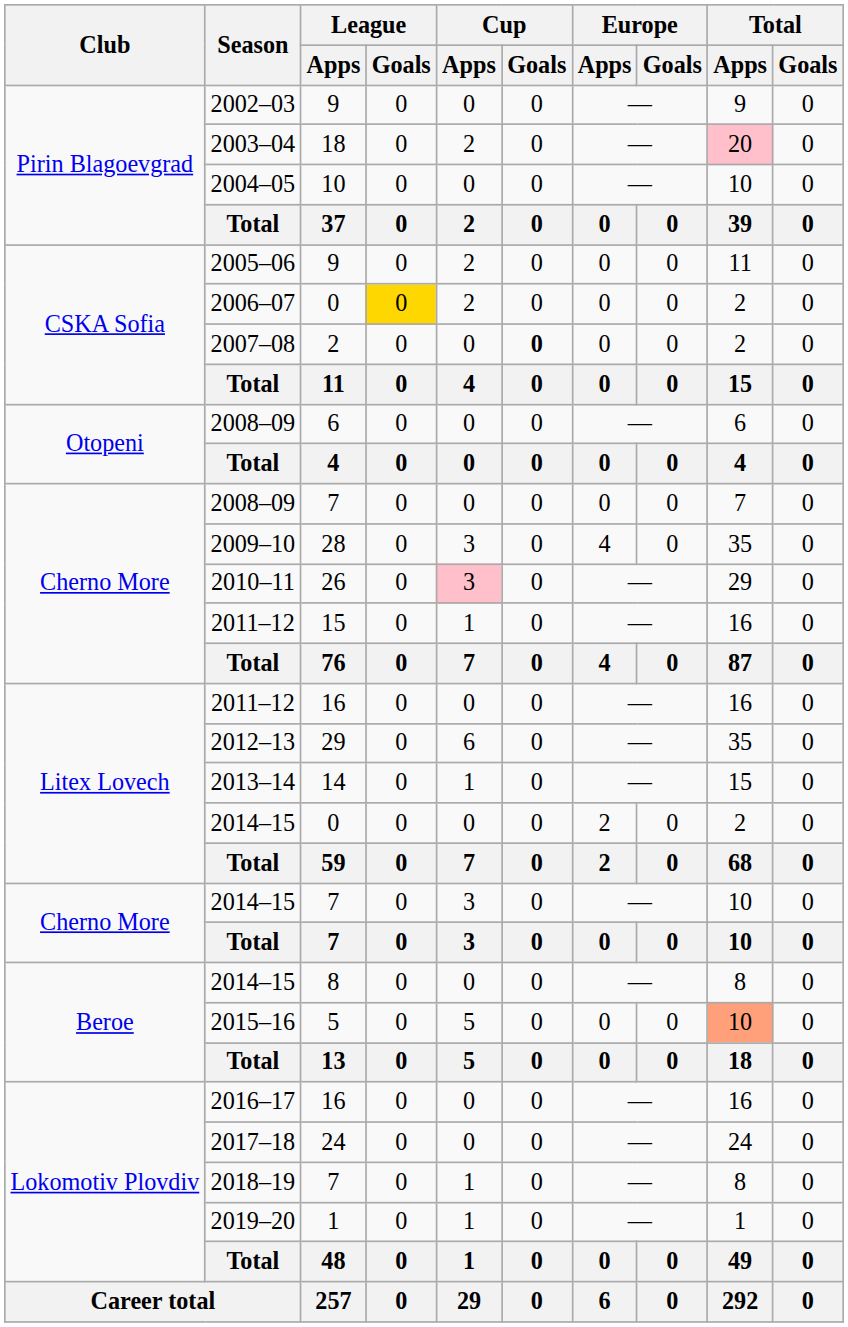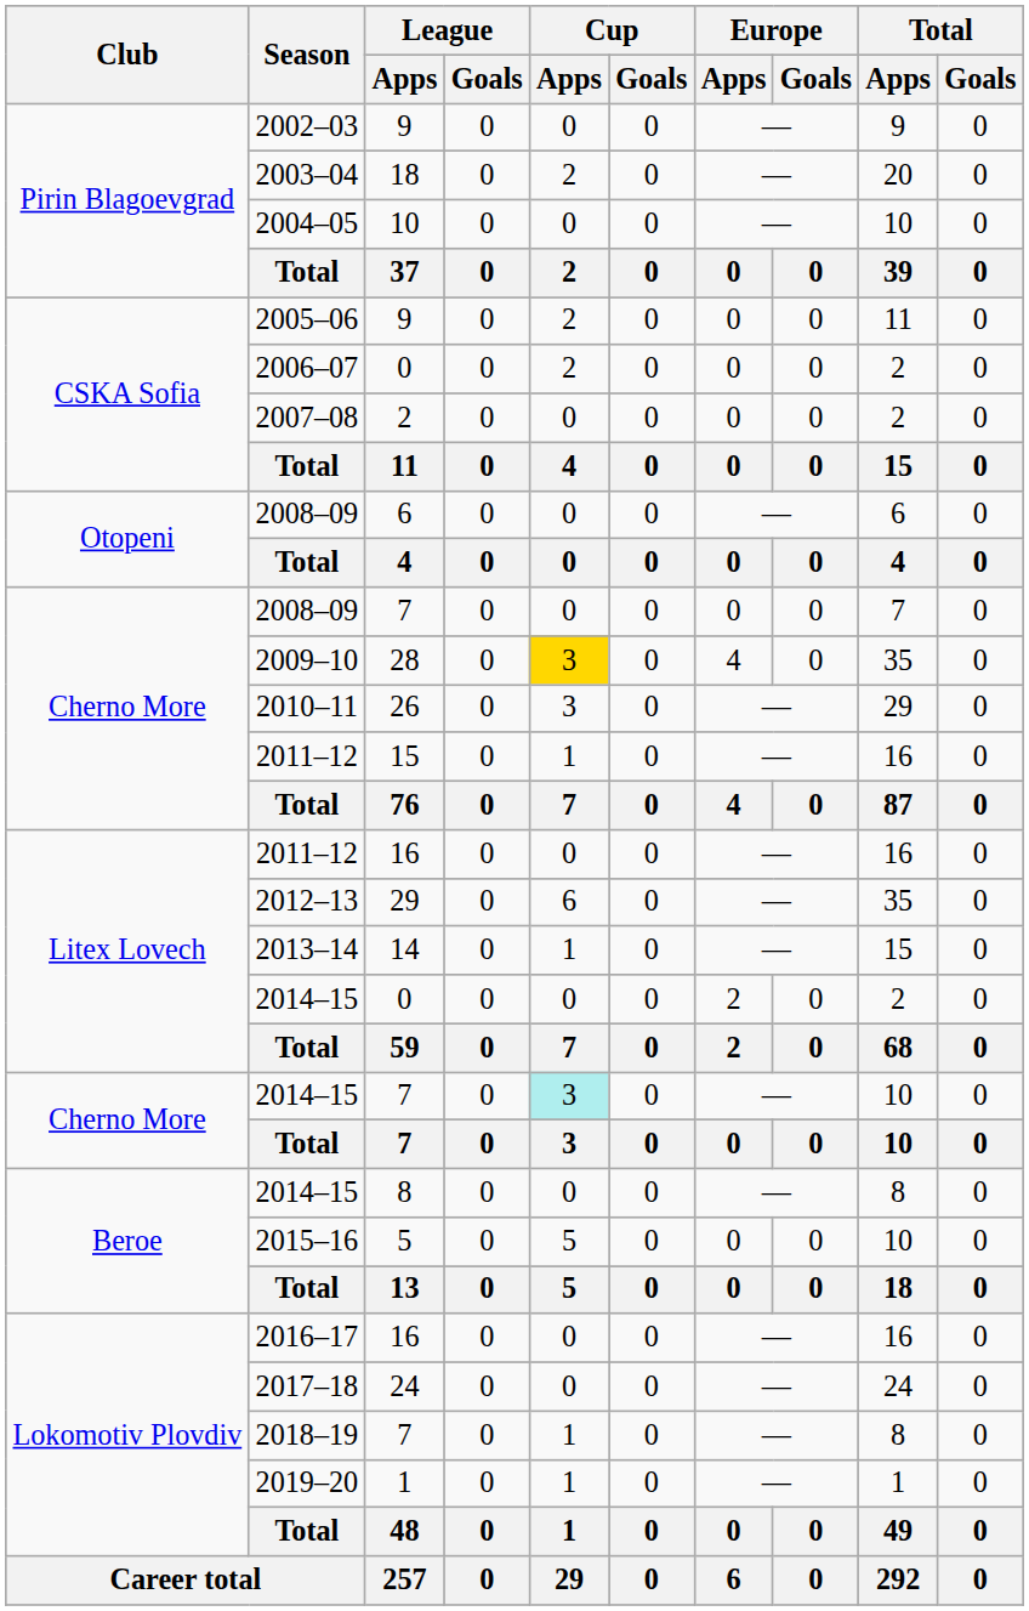 <table class="wikitable" style="font-size:90%; text-align: center">
 <tr>
 <th rowspan=2>Club</th>
 <th rowspan=2>Season</th>
 <th colspan=2>League</th>
 <th colspan=2>Cup</th>
 <th colspan=2>Europe</th>
 <th colspan=2>Total</th>
 </tr>
 <tr>
 <th>Apps</th>
 <th>Goals</th>
 <th>Apps</th>
 <th>Goals</th>
 <th>Apps</th>
 <th>Goals</th>
 <th>Apps</th>
 <th>Goals</th>
 </tr>
 <tr>
 <td rowspan=4><a href='#'>Pirin Blagoevgrad</a></td>
 <td>2002–03</td>
 <td>9</td>
 <td>0</td>
 <td>0</td>
 <td>0</td>
 <td colspan="2">—</td>
 <td>9</td>
 <td>0</td>
 </tr>
 <tr>
 <td>2003–04</td>
 <td>18</td>
 <td>0</td>
 <td>2</td>
 <td>0</td>
 <td colspan="2">—</td>
-<td style="background: pink;">20</td>
+<td>20</td>
 <td>0</td>
 </tr>
 <tr>
 <td>2004–05</td>
 <td>10</td>
 <td>0</td>
 <td>0</td>
 <td>0</td>
 <td colspan="2">—</td>
 <td>10</td>
 <td>0</td>
 </tr>
 <tr>
 <th colspan=1>Total</th>
 <th>37</th>
 <th>0</th>
 <th>2</th>
 <th>0</th>
 <th>0</th>
 <th>0</th>
 <th>39</th>
 <th>0</th>
 </tr>
 <tr>
 <td rowspan=4><a href='#'>CSKA Sofia</a></td>
 <td>2005–06</td>
 <td>9</td>
 <td>0</td>
 <td>2</td>
 <td>0</td>
 <td>0</td>
 <td>0</td>
 <td>11</td>
 <td>0</td>
 </tr>
 <tr>
 <td>2006–07</td>
 <td>0</td>
-<td style="background: gold;">0</td>
+<td>0</td>
 <td>2</td>
 <td>0</td>
 <td>0</td>
 <td>0</td>
 <td>2</td>
 <td>0</td>
 </tr>
 <tr>
 <td>2007–08</td>
 <td>2</td>
 <td>0</td>
 <td>0</td>
-<td><strong>0</strong></td>
+<td>0</td>
 <td>0</td>
 <td>0</td>
 <td>2</td>
 <td>0</td>
 </tr>
 <tr>
 <th colspan=1>Total</th>
 <th>11</th>
 <th>0</th>
 <th>4</th>
 <th>0</th>
 <th>0</th>
 <th>0</th>
 <th>15</th>
 <th>0</th>
 </tr>
 <tr>
 <td rowspan=2><a href='#'>Otopeni</a></td>
 <td>2008–09</td>
 <td>6</td>
 <td>0</td>
 <td>0</td>
 <td>0</td>
 <td colspan="2">—</td>
 <td>6</td>
 <td>0</td>
 </tr>
 <tr>
 <th colspan=1>Total</th>
 <th>4</th>
 <th>0</th>
 <th>0</th>
 <th>0</th>
 <th>0</th>
 <th>0</th>
 <th>4</th>
 <th>0</th>
 </tr>
 <tr>
 <td rowspan=5><a href='#'>Cherno More</a></td>
 <td>2008–09</td>
 <td>7</td>
 <td>0</td>
 <td>0</td>
 <td>0</td>
 <td>0</td>
 <td>0</td>
 <td>7</td>
 <td>0</td>
 </tr>
 <tr>
 <td>2009–10</td>
 <td>28</td>
 <td>0</td>
-<td>3</td>
+<td style="background: gold;">3</td>
 <td>0</td>
 <td>4</td>
 <td>0</td>
 <td>35</td>
 <td>0</td>
 </tr>
 <tr>
 <td>2010–11</td>
 <td>26</td>
 <td>0</td>
-<td style="background: pink;">3</td>
+<td>3</td>
 <td>0</td>
 <td colspan="2">—</td>
 <td>29</td>
 <td>0</td>
 </tr>
 <tr>
 <td>2011–12</td>
 <td>15</td>
 <td>0</td>
 <td>1</td>
 <td>0</td>
 <td colspan="2">—</td>
 <td>16</td>
 <td>0</td>
 </tr>
 <tr>
 <th colspan=1>Total</th>
 <th>76</th>
 <th>0</th>
 <th>7</th>
 <th>0</th>
 <th>4</th>
 <th>0</th>
 <th>87</th>
 <th>0</th>
 </tr>
 <tr>
 <td rowspan=5><a href='#'>Litex Lovech</a></td>
 <td>2011–12</td>
 <td>16</td>
 <td>0</td>
 <td>0</td>
 <td>0</td>
 <td colspan="2">—</td>
 <td>16</td>
 <td>0</td>
 </tr>
 <tr>
 <td>2012–13</td>
 <td>29</td>
 <td>0</td>
 <td>6</td>
 <td>0</td>
 <td colspan="2">—</td>
 <td>35</td>
 <td>0</td>
 </tr>
 <tr>
 <td>2013–14</td>
 <td>14</td>
 <td>0</td>
 <td>1</td>
 <td>0</td>
 <td colspan="2">—</td>
 <td>15</td>
 <td>0</td>
 </tr>
 <tr>
 <td>2014–15</td>
 <td>0</td>
 <td>0</td>
 <td>0</td>
 <td>0</td>
 <td>2</td>
 <td>0</td>
 <td>2</td>
 <td>0</td>
 </tr>
 <tr>
 <th colspan=1>Total</th>
 <th>59</th>
 <th>0</th>
 <th>7</th>
 <th>0</th>
 <th>2</th>
 <th>0</th>
 <th>68</th>
 <th>0</th>
 </tr>
 <tr>
 <td rowspan=2><a href='#'>Cherno More</a></td>
 <td>2014–15</td>
 <td>7</td>
 <td>0</td>
-<td>3</td>
+<td style="background: paleturquoise;">3</td>
 <td>0</td>
 <td colspan="2">—</td>
 <td>10</td>
 <td>0</td>
 </tr>
 <tr>
 <th colspan=1>Total</th>
 <th>7</th>
 <th>0</th>
 <th>3</th>
 <th>0</th>
 <th>0</th>
 <th>0</th>
 <th>10</th>
 <th>0</th>
 </tr>
 <tr>
 <td rowspan=3><a href='#'>Beroe</a></td>
 <td>2014–15</td>
 <td>8</td>
 <td>0</td>
 <td>0</td>
 <td>0</td>
 <td colspan="2">—</td>
 <td>8</td>
 <td>0</td>
 </tr>
 <tr>
 <td>2015–16</td>
 <td>5</td>
 <td>0</td>
 <td>5</td>
 <td>0</td>
 <td>0</td>
 <td>0</td>
-<td style="background: lightsalmon;">10</td>
+<td>10</td>
 <td>0</td>
 </tr>
 <tr>
 <th colspan=1>Total</th>
 <th>13</th>
 <th>0</th>
 <th>5</th>
 <th>0</th>
 <th>0</th>
 <th>0</th>
 <th>18</th>
 <th>0</th>
 </tr>
 <tr>
 <td rowspan=5><a href='#'>Lokomotiv Plovdiv</a></td>
 <td>2016–17</td>
 <td>16</td>
 <td>0</td>
 <td>0</td>
 <td>0</td>
 <td colspan="2">—</td>
 <td>16</td>
 <td>0</td>
 </tr>
 <tr>
 <td>2017–18</td>
 <td>24</td>
 <td>0</td>
 <td>0</td>
 <td>0</td>
 <td colspan="2">—</td>
 <td>24</td>
 <td>0</td>
 </tr>
 <tr>
 <td>2018–19</td>
 <td>7</td>
 <td>0</td>
 <td>1</td>
 <td>0</td>
 <td colspan="2">—</td>
 <td>8</td>
 <td>0</td>
 </tr>
 <tr>
 <td>2019–20</td>
 <td>1</td>
 <td>0</td>
 <td>1</td>
 <td>0</td>
 <td colspan="2">—</td>
 <td>1</td>
 <td>0</td>
 </tr>
 <tr>
 <th colspan=1>Total</th>
 <th>48</th>
 <th>0</th>
 <th>1</th>
 <th>0</th>
 <th>0</th>
 <th>0</th>
 <th>49</th>
 <th>0</th>
 </tr>
 <tr>
 <th colspan=2>Career total</th>
 <th>257</th>
 <th>0</th>
 <th>29</th>
 <th>0</th>
 <th>6</th>
 <th>0</th>
 <th>292</th>
 <th>0</th>
 </tr>
 </table>
